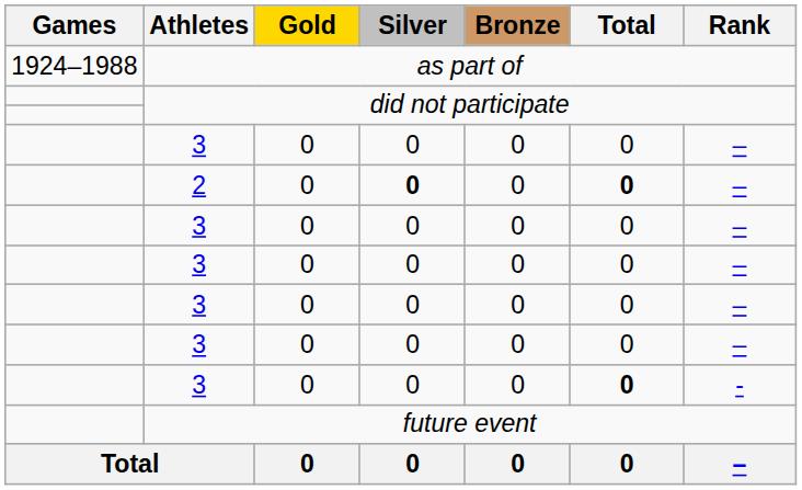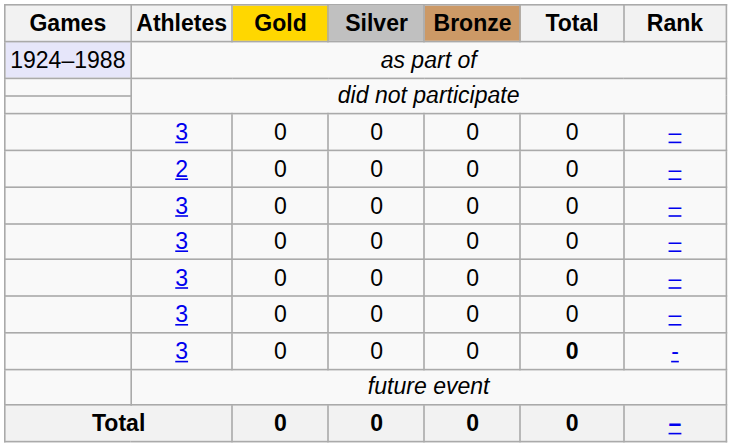 <table class="wikitable" style="text-align:center; font-size:90%;">
 <tr>
 <th>Games</th>
 <th>Athletes</th>
 <td style="background:gold; width:3.7em; font-weight:bold;">Gold</td>
 <td style="background:silver; width:3.7em; font-weight:bold;">Silver</td>
 <td style="background:#cc9966; width:3.7em; font-weight:bold;">Bronze</td>
 <th style="width:4em; font-weight:bold;">Total</th>
 <th style="width:4em; font-weight:bold;">Rank</th>
 </tr>
 <tr>
-<td align=left>1924–1988</td>
+<td align=left style="background: lavender;">1924–1988</td>
 <td colspan=6><em>as part of </em></td>
 </tr>
 <tr>
 <td align=left></td>
 <td colspan=6; rowspan=2><em>did not participate</em></td>
 </tr>
 <tr>
 <td align=left></td>
 </tr>
 <tr>
 <td align=left></td>
 <td><a href='#'>3</a></td>
 <td>0</td>
 <td>0</td>
 <td>0</td>
 <td>0</td>
 <td><a href='#'>–</a></td>
 </tr>
 <tr>
 <td align=left></td>
 <td><a href='#'>2</a></td>
 <td>0</td>
-<td><strong>0</strong></td>
 <td>0</td>
-<td><strong>0</strong></td>
+<td>0</td>
+<td>0</td>
 <td><a href='#'>–</a></td>
 </tr>
 <tr>
 <td align=left></td>
 <td><a href='#'>3</a></td>
 <td>0</td>
 <td>0</td>
 <td>0</td>
 <td>0</td>
 <td><a href='#'>–</a></td>
 </tr>
 <tr>
 <td align=left></td>
 <td><a href='#'>3</a></td>
 <td>0</td>
 <td>0</td>
 <td>0</td>
 <td>0</td>
 <td><a href='#'>–</a></td>
 </tr>
 <tr>
 <td align=left></td>
 <td><a href='#'>3</a></td>
 <td>0</td>
 <td>0</td>
 <td>0</td>
 <td>0</td>
 <td><a href='#'>–</a></td>
 </tr>
 <tr>
 <td align=left></td>
 <td><a href='#'>3</a></td>
 <td>0</td>
 <td>0</td>
 <td>0</td>
 <td>0</td>
 <td><a href='#'>–</a></td>
 </tr>
 <tr>
 <td align=left></td>
 <td><a href='#'>3</a></td>
 <td>0</td>
 <td>0</td>
 <td>0</td>
 <td><strong>0</strong></td>
 <td><a href='#'>-</a></td>
 </tr>
 <tr>
 <td align=left></td>
 <td colspan=6><em>future event</em></td>
 </tr>
 <tr>
 <th colspan=2>Total</th>
 <th>0</th>
 <th>0</th>
 <th>0</th>
 <th>0</th>
 <th><a href='#'>–</a></th>
 </tr>
 </table>
